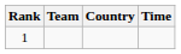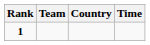 <table class="wikitable">
 <tr>
 <th scope="col">Rank</th>
 <th scope="col">Team</th>
 <th scope="col">Country</th>
 <th scope="col">Time</th>
 </tr>
 <tr>
-<td style="text-align:center;">1</td>
+<td style="text-align:center;"><strong>1</strong></td>
 <td></td>
 <td></td>
 </tr>
 </table>
